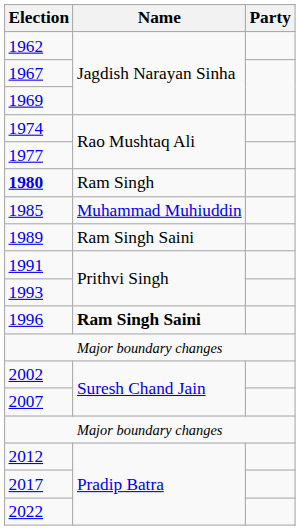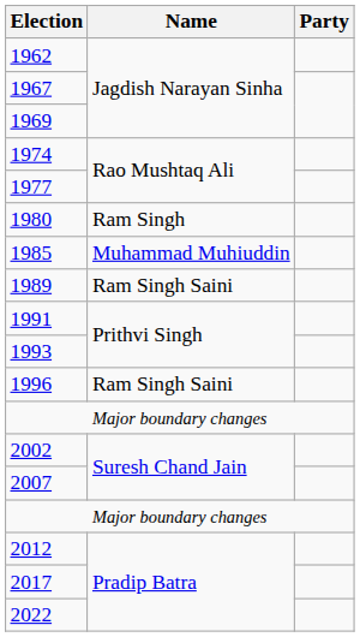 <table class="wikitable sortable">
 <tr>
 <th>Election</th>
 <th>Name</th>
 <th colspan=2>Party</th>
 </tr>
 <tr>
 <td><a href='#'>1962</a></td>
 <td rowspan=3>Jagdish Narayan Sinha</td>
 <td></td>
 </tr>
 <tr>
 <td><a href='#'>1967</a></td>
 </tr>
 <tr>
 <td><a href='#'>1969</a></td>
 </tr>
 <tr>
 <td><a href='#'>1974</a></td>
 <td rowspan=2>Rao Mushtaq Ali</td>
 <td></td>
 </tr>
 <tr>
 <td><a href='#'>1977</a></td>
 <td></td>
 </tr>
 <tr>
-<td><strong><a href='#'>1980</a></strong></td>
+<td><a href='#'>1980</a></td>
 <td>Ram Singh</td>
 <td></td>
 </tr>
 <tr>
 <td><a href='#'>1985</a></td>
 <td><a href='#'>Muhammad Muhiuddin</a></td>
 <td></td>
 </tr>
 <tr>
 <td><a href='#'>1989</a></td>
 <td>Ram Singh Saini</td>
 <td></td>
 </tr>
 <tr>
 <td><a href='#'>1991</a></td>
 <td rowspan=2>Prithvi Singh</td>
 <td></td>
 </tr>
 <tr>
 <td><a href='#'>1993</a></td>
 </tr>
 <tr>
 <td><a href='#'>1996</a></td>
-<td><strong>Ram Singh Saini</strong></td>
+<td>Ram Singh Saini</td>
 <td></td>
 </tr>
 <tr>
 <td colspan="4" style="text-align:center;"><small><em>Major boundary changes</em></small></td>
 </tr>
 <tr>
 <td><a href='#'>2002</a></td>
 <td rowspan=2><a href='#'>Suresh Chand Jain</a></td>
 <td></td>
 </tr>
 <tr>
 <td><a href='#'>2007</a></td>
 </tr>
 <tr>
 <td colspan="4" style="text-align:center;"><small><em>Major boundary changes</em></small></td>
 </tr>
 <tr>
 <td><a href='#'>2012</a></td>
 <td rowspan=3><a href='#'>Pradip Batra</a></td>
 <td></td>
 </tr>
 <tr>
 <td><a href='#'>2017</a></td>
 <td></td>
 </tr>
 <tr>
 <td><a href='#'>2022</a></td>
 </tr>
 </table>
